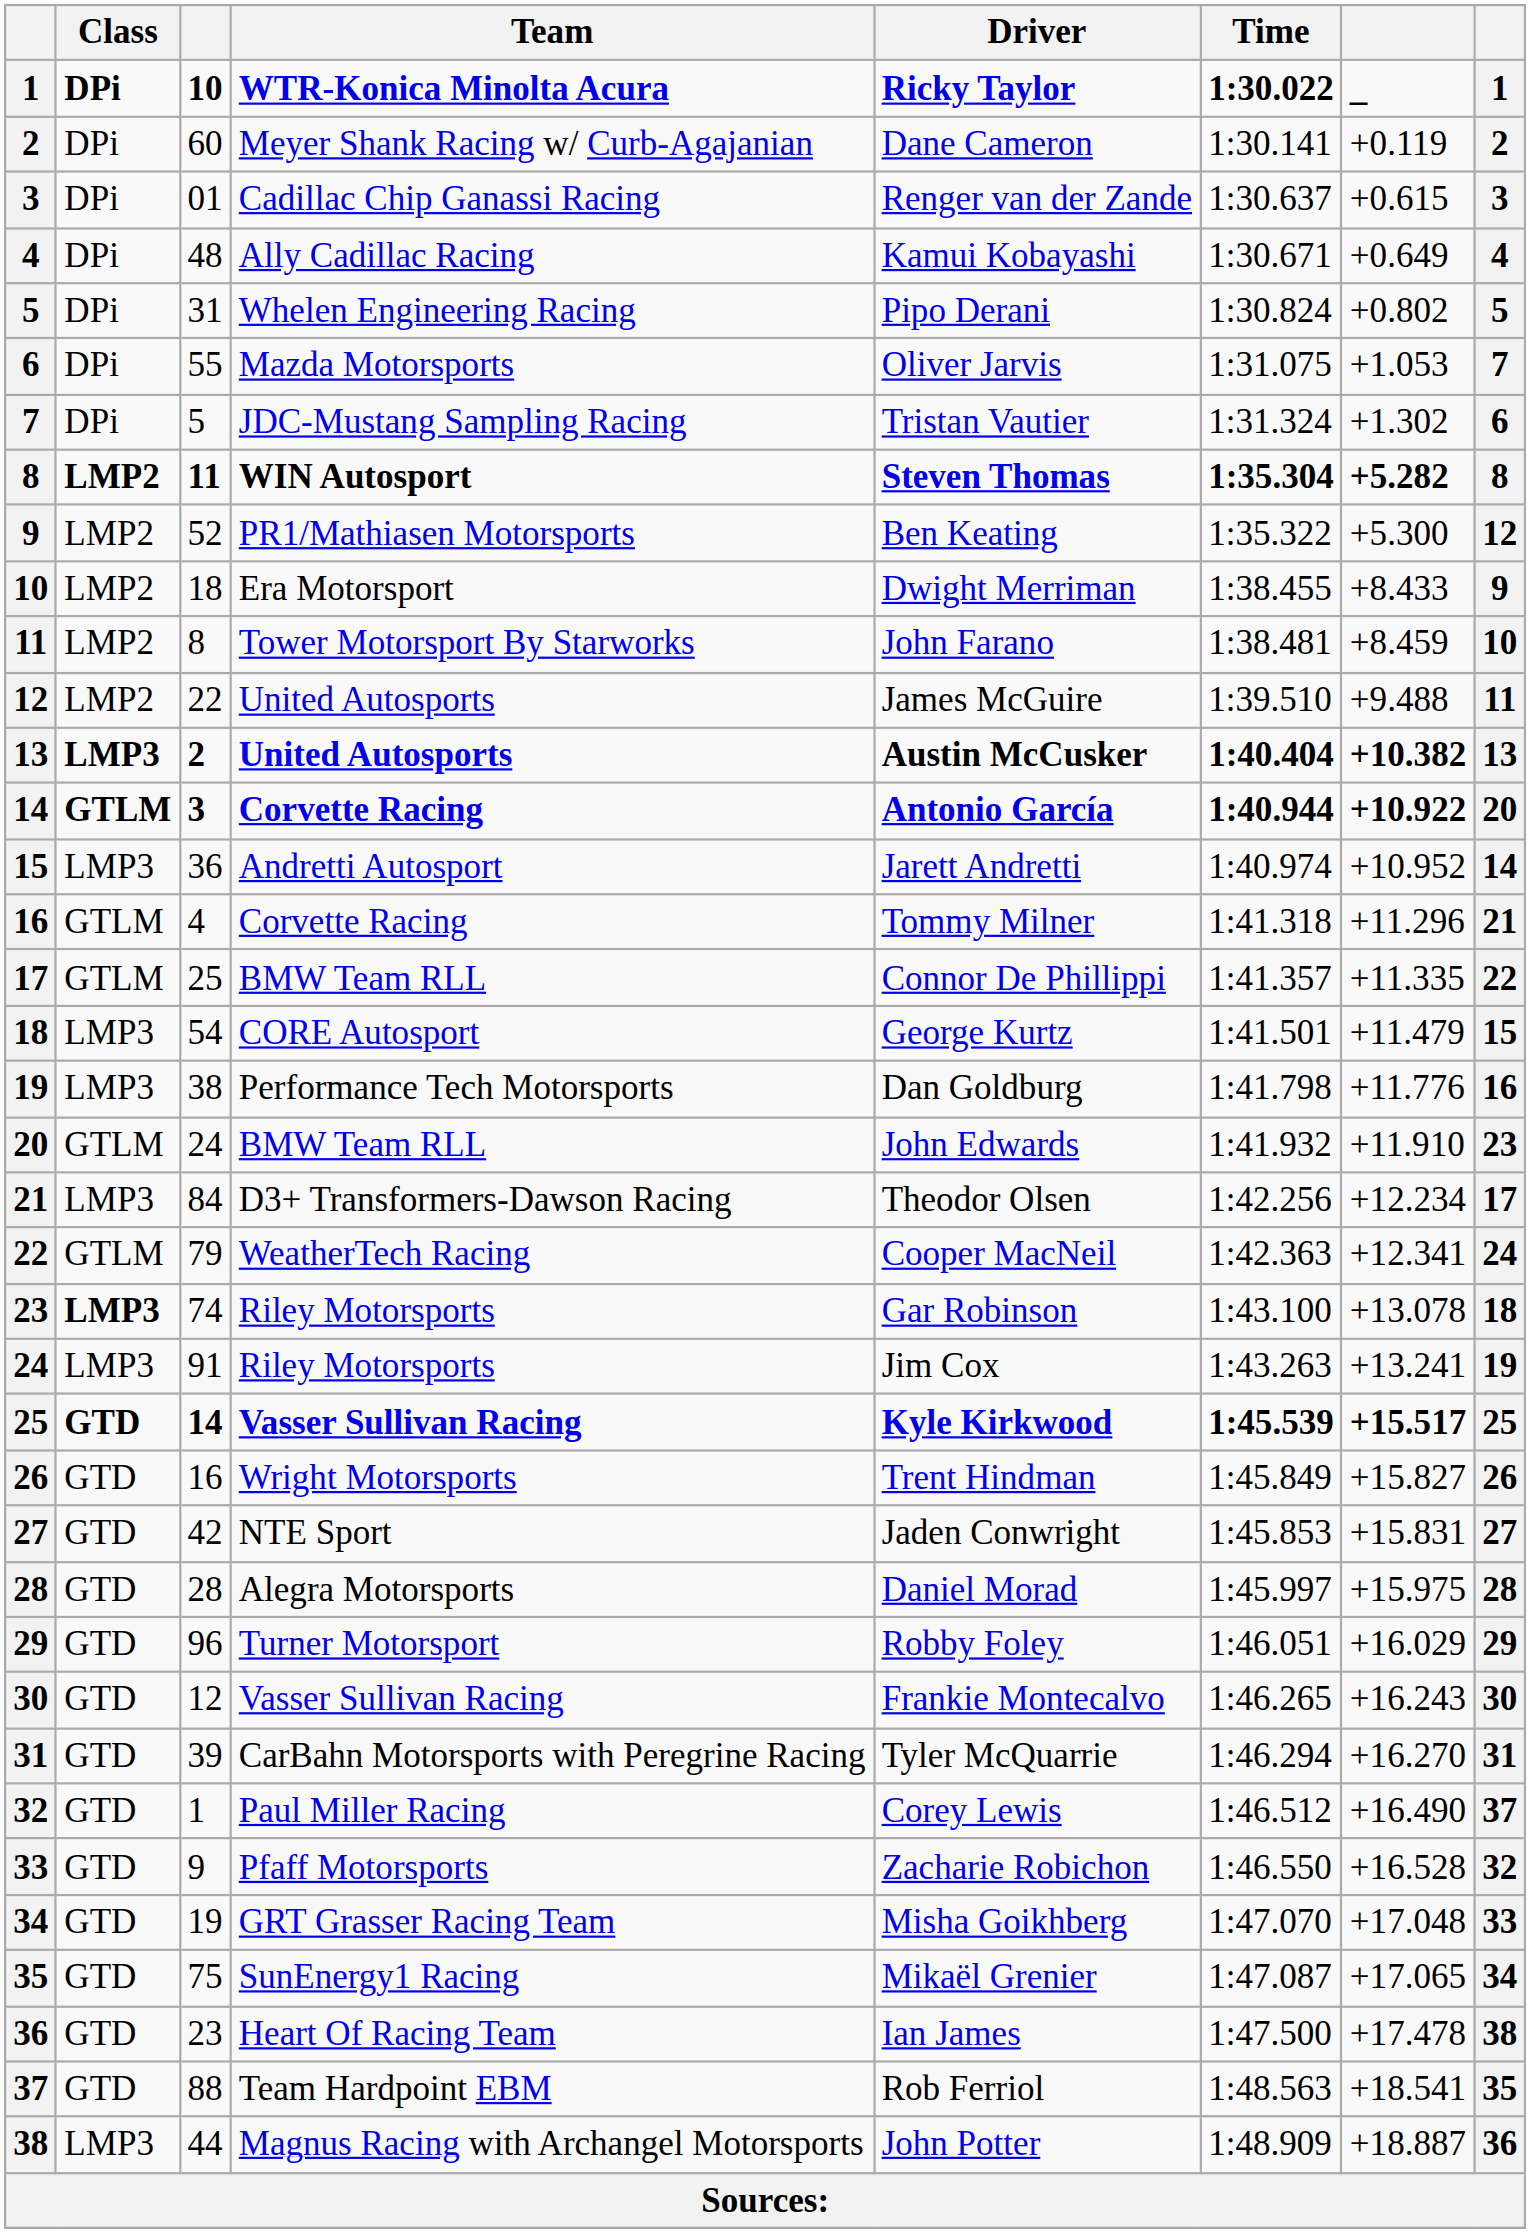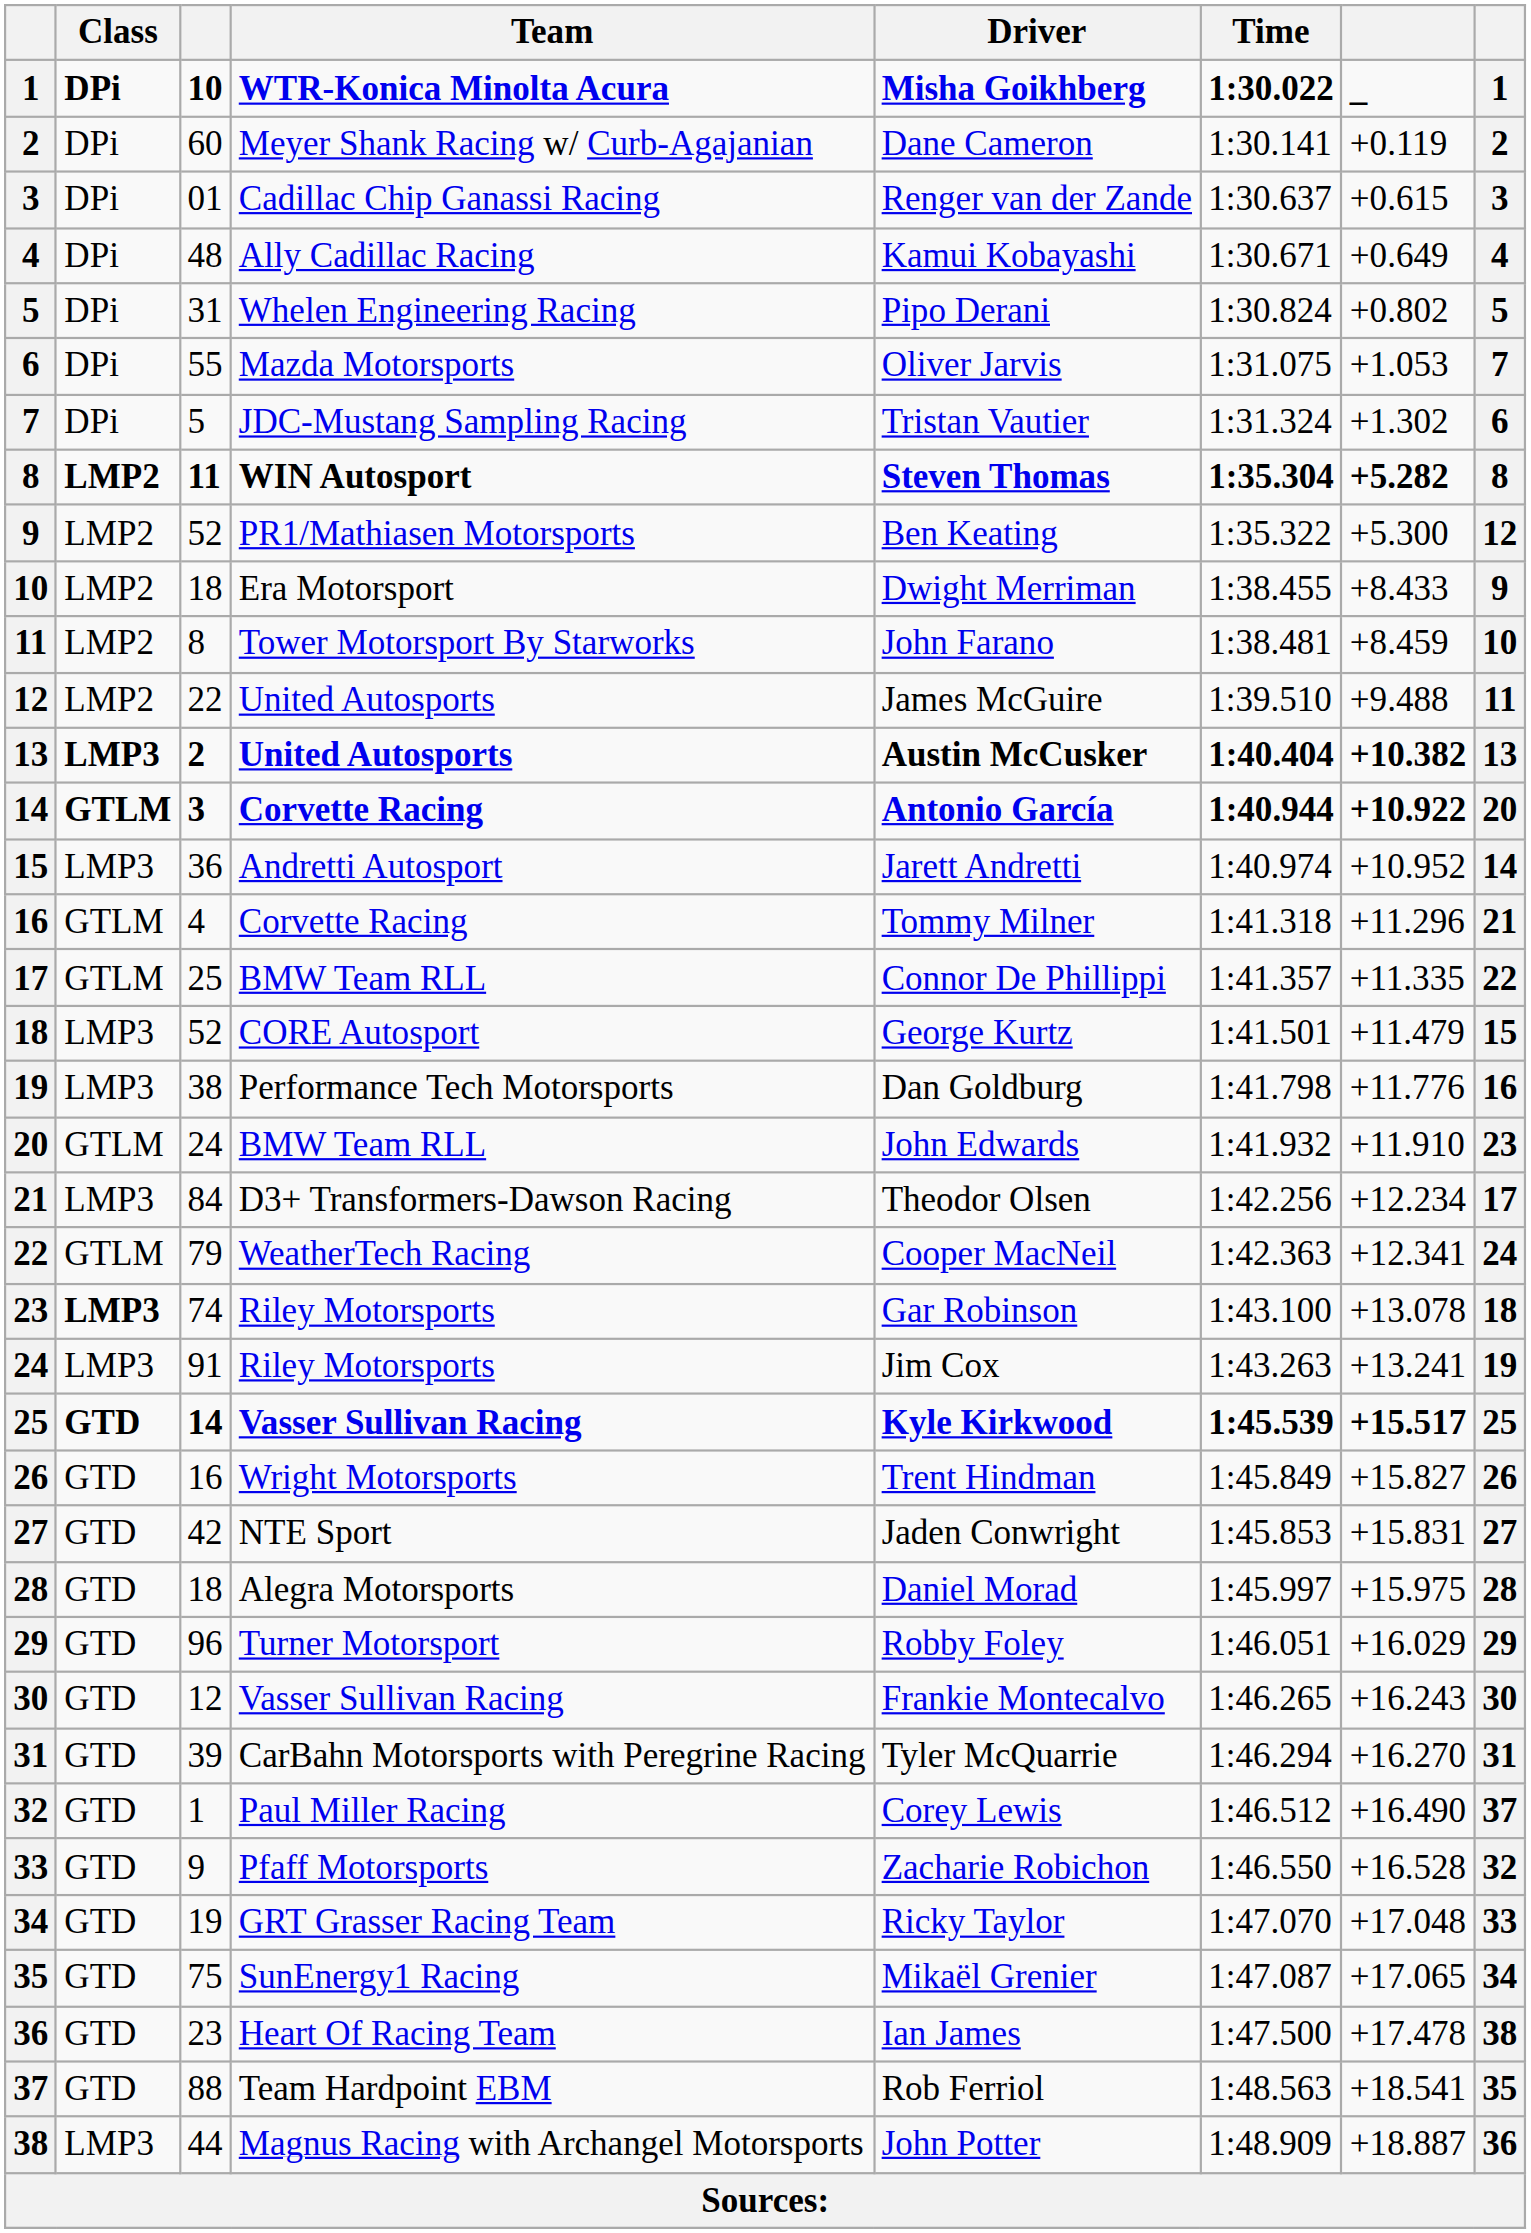 <table class="wikitable">
 <tr>
 <th scope="col"></th>
 <th scope="col">Class</th>
 <th scope="col"></th>
 <th scope="col">Team</th>
 <th scope="col">Driver</th>
 <th scope="col">Time</th>
 <th scope="col"></th>
 <th scope="col"></th>
 </tr>
 <tr style="font-weight:bold">
 <th scope="row">1</th>
 <td>DPi</td>
 <td>10</td>
 <td> <a href='#'>WTR-Konica Minolta Acura</a></td>
-<td> <a href='#'>Ricky Taylor</a></td>
+<td> <a href='#'>Misha Goikhberg</a></td>
 <td>1:30.022</td>
 <td>_</td>
 <th><strong>1</strong></th>
 </tr>
 <tr>
 <th scope="row">2</th>
 <td>DPi</td>
 <td>60</td>
 <td> <a href='#'>Meyer Shank Racing</a> w/ <a href='#'>Curb-Agajanian</a></td>
 <td> <a href='#'>Dane Cameron</a></td>
 <td>1:30.141</td>
 <td>+0.119</td>
 <th>2</th>
 </tr>
 <tr>
 <th scope="row">3</th>
 <td>DPi</td>
 <td>01</td>
 <td> <a href='#'>Cadillac Chip Ganassi Racing</a></td>
 <td> <a href='#'>Renger van der Zande</a></td>
 <td>1:30.637</td>
 <td>+0.615</td>
 <th>3</th>
 </tr>
 <tr>
 <th scope="row">4</th>
 <td>DPi</td>
 <td>48</td>
 <td> <a href='#'>Ally Cadillac Racing</a></td>
 <td> <a href='#'>Kamui Kobayashi</a></td>
 <td>1:30.671</td>
 <td>+0.649</td>
 <th>4</th>
 </tr>
 <tr>
 <th scope="row">5</th>
 <td>DPi</td>
 <td>31</td>
 <td> <a href='#'>Whelen Engineering Racing</a></td>
 <td> <a href='#'>Pipo Derani</a></td>
 <td>1:30.824</td>
 <td>+0.802</td>
 <th>5</th>
 </tr>
 <tr>
 <th scope="row">6</th>
 <td>DPi</td>
 <td>55</td>
 <td> <a href='#'>Mazda Motorsports</a></td>
 <td> <a href='#'>Oliver Jarvis</a></td>
 <td>1:31.075</td>
 <td>+1.053</td>
 <th>7</th>
 </tr>
 <tr>
 <th scope="row">7</th>
 <td>DPi</td>
 <td>5</td>
 <td> <a href='#'>JDC-Mustang Sampling Racing</a></td>
 <td> <a href='#'>Tristan Vautier</a></td>
 <td>1:31.324</td>
 <td>+1.302</td>
 <th>6</th>
 </tr>
 <tr style="font-weight:bold">
 <th scope="row">8</th>
 <td>LMP2</td>
 <td>11</td>
 <td> WIN Autosport</td>
 <td> <a href='#'>Steven Thomas</a></td>
 <td>1:35.304</td>
 <td>+5.282</td>
 <th><strong>8</strong></th>
 </tr>
 <tr>
 <th scope="row">9</th>
 <td>LMP2</td>
 <td>52</td>
 <td> <a href='#'>PR1/Mathiasen Motorsports</a></td>
 <td> <a href='#'>Ben Keating</a></td>
 <td>1:35.322</td>
 <td>+5.300</td>
 <th>12</th>
 </tr>
 <tr>
 <th scope="row">10</th>
 <td>LMP2</td>
 <td>18</td>
 <td> Era Motorsport</td>
 <td> <a href='#'>Dwight Merriman</a></td>
 <td>1:38.455</td>
 <td>+8.433</td>
 <th>9</th>
 </tr>
 <tr>
 <th scope="row">11</th>
 <td>LMP2</td>
 <td>8</td>
 <td> <a href='#'>Tower Motorsport By Starworks</a></td>
 <td> <a href='#'>John Farano</a></td>
 <td>1:38.481</td>
 <td>+8.459</td>
 <th>10</th>
 </tr>
 <tr>
 <th scope="row">12</th>
 <td>LMP2</td>
 <td>22</td>
 <td> <a href='#'>United Autosports</a></td>
 <td> James McGuire</td>
 <td>1:39.510</td>
 <td>+9.488</td>
 <th>11</th>
 </tr>
 <tr style="font-weight:bold">
 <th scope="row">13</th>
 <td>LMP3</td>
 <td>2</td>
 <td> <a href='#'>United Autosports</a></td>
 <td> Austin McCusker</td>
 <td>1:40.404</td>
 <td>+10.382</td>
 <th><strong>13</strong></th>
 </tr>
 <tr style="font-weight:bold">
 <th scope="row">14</th>
 <td>GTLM</td>
 <td>3</td>
 <td> <a href='#'>Corvette Racing</a></td>
 <td> <a href='#'>Antonio García</a></td>
 <td>1:40.944</td>
 <td>+10.922</td>
 <th><strong>20</strong></th>
 </tr>
 <tr>
 <th scope="row">15</th>
 <td>LMP3</td>
 <td>36</td>
 <td> <a href='#'>Andretti Autosport</a></td>
 <td> <a href='#'>Jarett Andretti</a></td>
 <td>1:40.974</td>
 <td>+10.952</td>
 <th>14</th>
 </tr>
 <tr>
 <th scope="row">16</th>
 <td>GTLM</td>
 <td>4</td>
 <td> <a href='#'>Corvette Racing</a></td>
 <td> <a href='#'>Tommy Milner</a></td>
 <td>1:41.318</td>
 <td>+11.296</td>
 <th>21</th>
 </tr>
 <tr>
 <th scope="row">17</th>
 <td>GTLM</td>
 <td>25</td>
 <td> <a href='#'>BMW Team RLL</a></td>
 <td> <a href='#'>Connor De Phillippi</a></td>
 <td>1:41.357</td>
 <td>+11.335</td>
 <th>22</th>
 </tr>
 <tr>
 <th scope="row">18</th>
 <td>LMP3</td>
-<td>54</td>
+<td>52</td>
 <td> <a href='#'>CORE Autosport</a></td>
 <td> <a href='#'>George Kurtz</a></td>
 <td>1:41.501</td>
 <td>+11.479</td>
 <th>15</th>
 </tr>
 <tr>
 <th scope="row">19</th>
 <td>LMP3</td>
 <td>38</td>
 <td> Performance Tech Motorsports</td>
 <td> Dan Goldburg</td>
 <td>1:41.798</td>
 <td>+11.776</td>
 <th>16</th>
 </tr>
 <tr>
 <th scope="row">20</th>
 <td>GTLM</td>
 <td>24</td>
 <td> <a href='#'>BMW Team RLL</a></td>
 <td> <a href='#'>John Edwards</a></td>
 <td>1:41.932</td>
 <td>+11.910</td>
 <th>23</th>
 </tr>
 <tr>
 <th scope="row">21</th>
 <td>LMP3</td>
 <td>84</td>
 <td> D3+ Transformers-Dawson Racing</td>
 <td> Theodor Olsen</td>
 <td>1:42.256</td>
 <td>+12.234</td>
 <th>17</th>
 </tr>
 <tr>
 <th scope="row">22</th>
 <td>GTLM</td>
 <td>79</td>
 <td> <a href='#'>WeatherTech Racing</a></td>
 <td> <a href='#'>Cooper MacNeil</a></td>
 <td>1:42.363</td>
 <td>+12.341</td>
 <th>24</th>
 </tr>
 <tr>
 <th scope="row">23</th>
 <td><strong>LMP3</strong></td>
 <td>74</td>
 <td> <a href='#'>Riley Motorsports</a></td>
 <td> <a href='#'>Gar Robinson</a></td>
 <td>1:43.100</td>
 <td>+13.078</td>
 <th>18</th>
 </tr>
 <tr>
 <th scope="row">24</th>
 <td>LMP3</td>
 <td>91</td>
 <td> <a href='#'>Riley Motorsports</a></td>
 <td> Jim Cox</td>
 <td>1:43.263</td>
 <td>+13.241</td>
 <th>19</th>
 </tr>
 <tr style="font-weight:bold">
 <th scope="row">25</th>
 <td>GTD</td>
 <td>14</td>
 <td> <a href='#'>Vasser Sullivan Racing</a></td>
 <td> <a href='#'>Kyle Kirkwood</a></td>
 <td>1:45.539</td>
 <td>+15.517</td>
 <th><strong>25</strong></th>
 </tr>
 <tr>
 <th scope="row">26</th>
 <td>GTD</td>
 <td>16</td>
 <td> <a href='#'>Wright Motorsports</a></td>
 <td> <a href='#'>Trent Hindman</a></td>
 <td>1:45.849</td>
 <td>+15.827</td>
 <th>26</th>
 </tr>
 <tr>
 <th scope="row">27</th>
 <td>GTD</td>
 <td>42</td>
 <td> NTE Sport</td>
 <td> Jaden Conwright</td>
 <td>1:45.853</td>
 <td>+15.831</td>
 <th>27</th>
 </tr>
 <tr>
 <th scope="row">28</th>
 <td>GTD</td>
-<td>28</td>
+<td>18</td>
 <td> Alegra Motorsports</td>
 <td> <a href='#'>Daniel Morad</a></td>
 <td>1:45.997</td>
 <td>+15.975</td>
 <th>28</th>
 </tr>
 <tr>
 <th scope="row">29</th>
 <td>GTD</td>
 <td>96</td>
 <td> <a href='#'>Turner Motorsport</a></td>
 <td> <a href='#'>Robby Foley</a></td>
 <td>1:46.051</td>
 <td>+16.029</td>
 <th>29</th>
 </tr>
 <tr>
 <th scope="row">30</th>
 <td>GTD</td>
 <td>12</td>
 <td> <a href='#'>Vasser Sullivan Racing</a></td>
 <td> <a href='#'>Frankie Montecalvo</a></td>
 <td>1:46.265</td>
 <td>+16.243</td>
 <th>30</th>
 </tr>
 <tr>
 <th scope="row">31</th>
 <td>GTD</td>
 <td>39</td>
 <td> CarBahn Motorsports with Peregrine Racing</td>
 <td> Tyler McQuarrie</td>
 <td>1:46.294</td>
 <td>+16.270</td>
 <th>31</th>
 </tr>
 <tr>
 <th scope="row">32</th>
 <td>GTD</td>
 <td>1</td>
 <td> <a href='#'>Paul Miller Racing</a></td>
 <td> <a href='#'>Corey Lewis</a></td>
 <td>1:46.512</td>
 <td>+16.490</td>
 <th>37</th>
 </tr>
 <tr>
 <th scope="row">33</th>
 <td>GTD</td>
 <td>9</td>
 <td> <a href='#'>Pfaff Motorsports</a></td>
 <td> <a href='#'>Zacharie Robichon</a></td>
 <td>1:46.550</td>
 <td>+16.528</td>
 <th>32</th>
 </tr>
 <tr>
 <th scope="row">34</th>
 <td>GTD</td>
 <td>19</td>
 <td> <a href='#'>GRT Grasser Racing Team</a></td>
-<td> <a href='#'>Misha Goikhberg</a></td>
+<td> <a href='#'>Ricky Taylor</a></td>
 <td>1:47.070</td>
 <td>+17.048</td>
 <th>33</th>
 </tr>
 <tr>
 <th scope="row">35</th>
 <td>GTD</td>
 <td>75</td>
 <td> <a href='#'>SunEnergy1 Racing</a></td>
 <td> <a href='#'>Mikaël Grenier</a></td>
 <td>1:47.087</td>
 <td>+17.065</td>
 <th>34</th>
 </tr>
 <tr>
 <th scope="row">36</th>
 <td>GTD</td>
 <td>23</td>
 <td> <a href='#'>Heart Of Racing Team</a></td>
 <td> <a href='#'>Ian James</a></td>
 <td>1:47.500</td>
 <td>+17.478</td>
 <th>38</th>
 </tr>
 <tr>
 <th scope="row">37</th>
 <td>GTD</td>
 <td>88</td>
 <td> Team Hardpoint <a href='#'>EBM</a></td>
 <td> Rob Ferriol</td>
 <td>1:48.563</td>
 <td>+18.541</td>
 <th>35</th>
 </tr>
 <tr>
 <th scope="row">38</th>
 <td>LMP3</td>
 <td>44</td>
 <td> <a href='#'>Magnus Racing</a> with Archangel Motorsports</td>
 <td> <a href='#'>John Potter</a></td>
 <td>1:48.909</td>
 <td>+18.887</td>
 <th>36</th>
 </tr>
 <tr>
 <th colspan="8">Sources:</th>
 </tr>
 <tr>
 </tr>
 </table>
